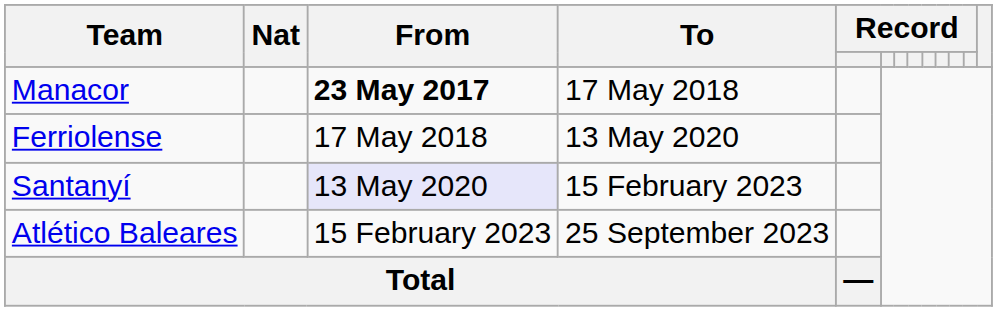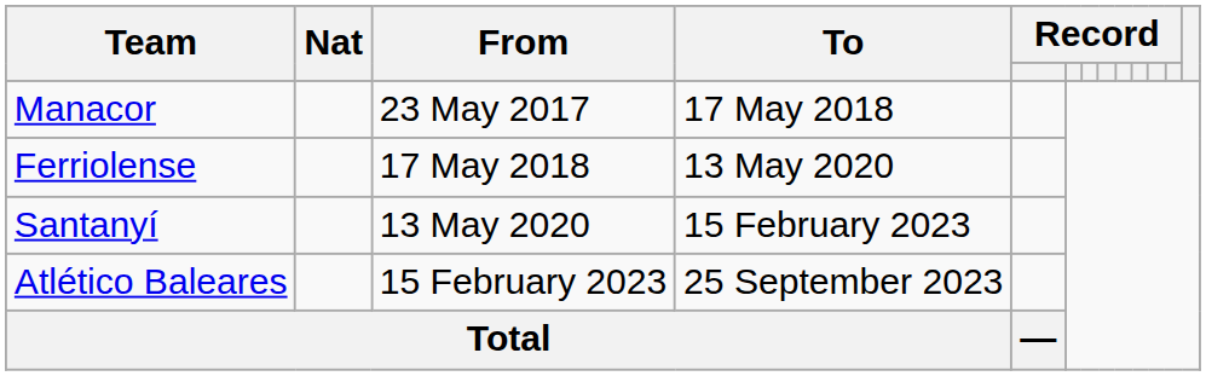 <table class="wikitable" style="text-align: center">
 <tr>
 <th rowspan="2">Team</th>
 <th rowspan="2">Nat</th>
 <th rowspan="2">From</th>
 <th rowspan="2">To</th>
 <th colspan="8">Record</th>
 <th rowspan=2></th>
 </tr>
 <tr>
 <th></th>
 <th></th>
 <th></th>
 <th></th>
 <th></th>
 <th></th>
 <th></th>
 <th></th>
 </tr>
 <tr>
 <td align=left><a href='#'>Manacor</a></td>
 <td></td>
-<td align=left><strong>23 May 2017</strong></td>
+<td align=left>23 May 2017</td>
 <td align=left>17 May 2018<br></td>
 <td></td>
 </tr>
 <tr>
 <td align=left><a href='#'>Ferriolense</a></td>
 <td></td>
 <td align=left>17 May 2018</td>
 <td align=left>13 May 2020<br></td>
 <td></td>
 </tr>
 <tr>
 <td align=left><a href='#'>Santanyí</a></td>
 <td></td>
-<td align=left style="background: lavender;">13 May 2020</td>
+<td align=left>13 May 2020</td>
 <td align=left>15 February 2023<br></td>
 <td></td>
 </tr>
 <tr>
 <td align=left><a href='#'>Atlético Baleares</a></td>
 <td></td>
 <td align=left>15 February 2023</td>
 <td align=left>25 September 2023<br></td>
 <td></td>
 </tr>
 <tr>
 <th colspan="4">Total<br></th>
 <th>—</th>
 </tr>
 </table>
